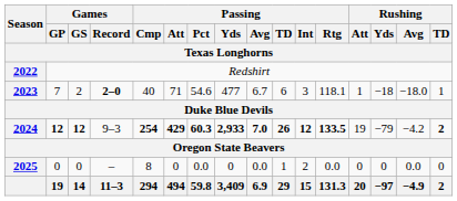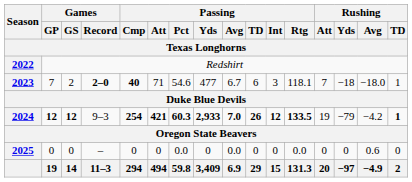 <table class="wikitable" style="text-align:center;">
 <tr>
 <th rowspan="2">Season</th>
 <th colspan="3">Games</th>
 <th colspan="8">Passing</th>
 <th colspan="5">Rushing</th>
 </tr>
 <tr>
 <th>GP</th>
 <th>GS</th>
 <th>Record</th>
 <th>Cmp</th>
 <th>Att</th>
 <th>Pct</th>
 <th>Yds</th>
 <th>Avg</th>
 <th>TD</th>
 <th>Int</th>
 <th>Rtg</th>
 <th>Att</th>
 <th>Yds</th>
 <th>Avg</th>
 <th>TD</th>
 </tr>
 <tr>
 <th colspan="16">Texas Longhorns</th>
 </tr>
 <tr>
 <th><a href='#'>2022</a></th>
 <td colspan="15"><em>Redshirt </em></td>
 </tr>
 <tr>
 <th><a href='#'>2023</a></th>
 <td>7</td>
 <td>2</td>
 <td><strong>2–0</strong></td>
-<td>40</td>
+<td><strong>40</strong></td>
 <td>71</td>
 <td>54.6</td>
 <td>477</td>
 <td>6.7</td>
 <td>6</td>
 <td>3</td>
 <td>118.1</td>
-<td>1</td>
+<td>7</td>
 <td>−18</td>
 <td>−18.0</td>
 <td>1</td>
 </tr>
 <tr>
 <th colspan="16">Duke Blue Devils</th>
 </tr>
 <tr>
 <th><a href='#'>2024</a></th>
 <td><strong>12</strong></td>
 <td><strong>12</strong></td>
 <td>9–3</td>
 <td><strong>254</strong></td>
-<td><strong>429</strong></td>
+<td><strong>421</strong></td>
 <td><strong>60.3</strong></td>
 <td><strong>2,933</strong></td>
 <td><strong>7.0</strong></td>
 <td><strong>26</strong></td>
 <td><strong>12</strong></td>
 <td><strong>133.5</strong></td>
 <td>19</td>
 <td>−79</td>
 <td>−4.2</td>
-<td><strong>2</strong></td>
+<td><strong>1</strong></td>
 </tr>
 <tr>
 <th colspan="16">Oregon State Beavers</th>
 </tr>
 <tr>
 <th><a href='#'>2025</a></th>
 <td>0</td>
 <td>0</td>
 <td>–</td>
-<td>8</td>
+<td>0</td>
 <td>0</td>
 <td>0.0</td>
 <td>0</td>
 <td>0.0</td>
-<td>1</td>
-<td>2</td>
+<td>0</td>
+<td>0</td>
 <td>0.0</td>
 <td>0</td>
 <td>0</td>
-<td>0.0</td>
+<td>0.6</td>
 <td>0</td>
 </tr>
 <tr>
 <th></th>
 <th>19</th>
 <th>14</th>
 <th>11–3</th>
 <th>294</th>
 <th>494</th>
 <th>59.8</th>
 <th>3,409</th>
 <th>6.9</th>
 <th>29</th>
 <th>15</th>
 <th>131.3</th>
 <th>20</th>
 <th>−97</th>
 <th>−4.9</th>
 <th>2</th>
 </tr>
 </table>
